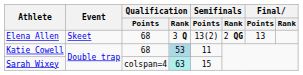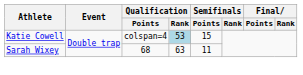 <table class="wikitable" style="font-size:90%;">
 <tr>
 <th rowspan=2>Athlete</th>
 <th rowspan=2>Event</th>
 <th colspan=2>Qualification</th>
 <th colspan=2>Semifinals</th>
 <th colspan=2>Final/</th>
 </tr>
 <tr style="font-size:95%">
 <th>Points</th>
 <th>Rank</th>
 <th>Points</th>
 <th>Rank</th>
 <th>Points</th>
 <th>Rank</th>
 </tr>
 <tr align=center>
-<td align=left><a href='#'>Elena Allen</a></td>
-<td align=left><a href='#'>Skeet</a></td>
-<td>68</td>
-<td>3 <strong>Q</strong></td>
-<td>13(2)</td>
-<td>2 <strong>QG</strong></td>
-<td>13</td>
-<td></td>
-</tr>
-<tr align=center>
 <td align=left><a href='#'>Katie Cowell</a></td>
 <td align=left rowspan=2><a href='#'>Double trap</a></td>
-<td>68</td>
+<td>colspan=4 </td>
 <td style="background: lightblue;">53</td>
-<td>11</td>
+<td>15</td>
 </tr>
 <tr align=center>
 <td align=left><a href='#'>Sarah Wixey</a></td>
-<td>colspan=4 </td>
-<td style="background: paleturquoise;">63</td>
-<td>15</td>
+<td>68</td>
+<td>63</td>
+<td>11</td>
 </tr>
 </table>
